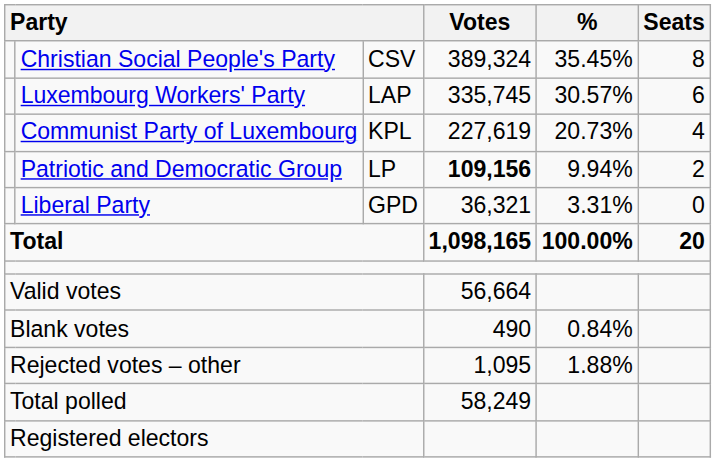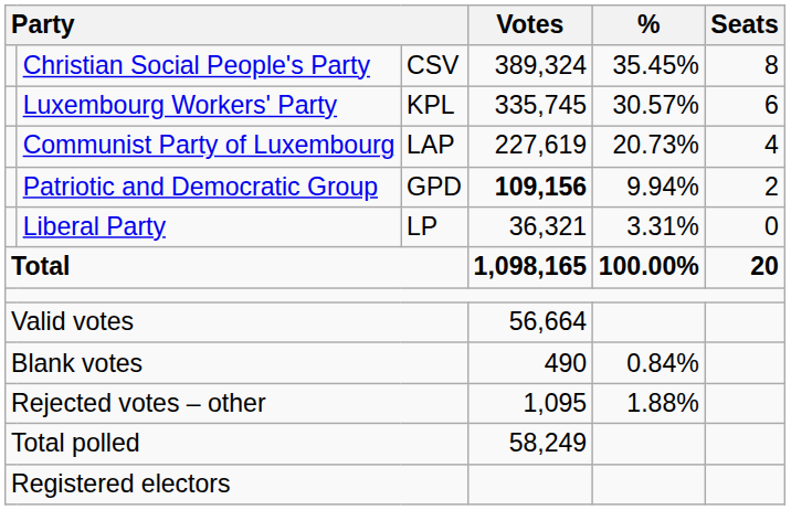 <table class="wikitable" border="1" style="text-align:right;">
 <tr>
 <th style="text-align:left;" valign=bottom colspan=3>Party</th>
 <th align=center valign=bottom width="50">Votes</th>
 <th align=center valign=bottom width="50">%</th>
 <th align=center>Seats</th>
 </tr>
 <tr>
 <td></td>
 <td align=left><a href='#'>Christian Social People's Party</a></td>
 <td align=left>CSV</td>
 <td>389,324</td>
 <td>35.45%</td>
 <td>8</td>
 </tr>
 <tr>
 <td></td>
 <td align=left><a href='#'>Luxembourg Workers' Party</a></td>
-<td align=left>LAP</td>
+<td align=left>KPL</td>
 <td>335,745</td>
 <td>30.57%</td>
 <td>6</td>
 </tr>
 <tr>
 <td></td>
 <td align=left><a href='#'>Communist Party of Luxembourg</a></td>
-<td align=left>KPL</td>
+<td align=left>LAP</td>
 <td>227,619</td>
 <td>20.73%</td>
 <td>4</td>
 </tr>
 <tr>
 <td></td>
 <td align=left><a href='#'>Patriotic and Democratic Group</a></td>
-<td align=left>LP</td>
+<td align=left>GPD</td>
 <td><strong>109,156</strong></td>
 <td>9.94%</td>
 <td>2</td>
 </tr>
 <tr>
 <td></td>
 <td align=left><a href='#'>Liberal Party</a></td>
-<td align=left>GPD</td>
+<td align=left>LP</td>
 <td>36,321</td>
 <td>3.31%</td>
 <td>0</td>
 </tr>
 <tr style="font-weight:bold">
 <td align=left colspan=3>Total</td>
 <td>1,098,165</td>
 <td>100.00%</td>
 <td>20</td>
 </tr>
 <tr>
 <td colspan=6 height="2"></td>
 </tr>
 <tr>
 <td align=left colspan=3>Valid votes</td>
 <td>56,664</td>
 <td></td>
 <td></td>
 </tr>
 <tr>
 <td align=left colspan=3>Blank votes</td>
 <td>490</td>
 <td>0.84%</td>
 <td></td>
 </tr>
 <tr>
 <td align=left colspan=3>Rejected votes – other</td>
 <td>1,095</td>
 <td>1.88%</td>
 <td></td>
 </tr>
 <tr>
 <td align=left colspan=3>Total polled</td>
 <td>58,249</td>
 <td></td>
 <td></td>
 </tr>
 <tr>
 <td align=left colspan=3>Registered electors</td>
 <td></td>
 <td></td>
 <td></td>
 </tr>
 </table>
